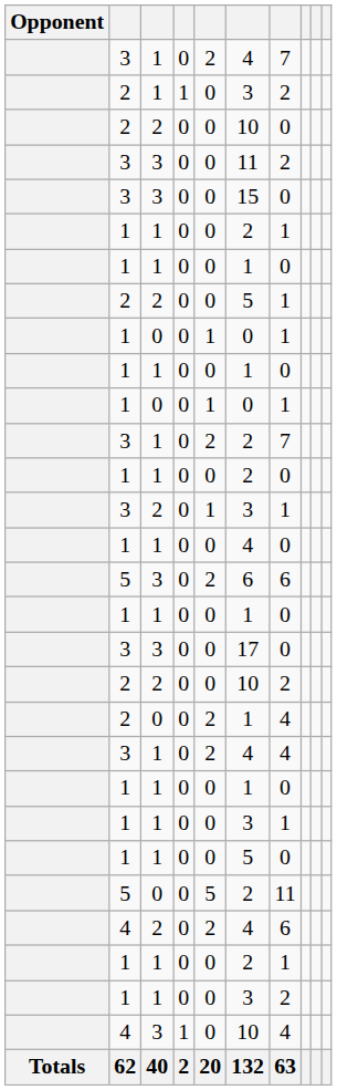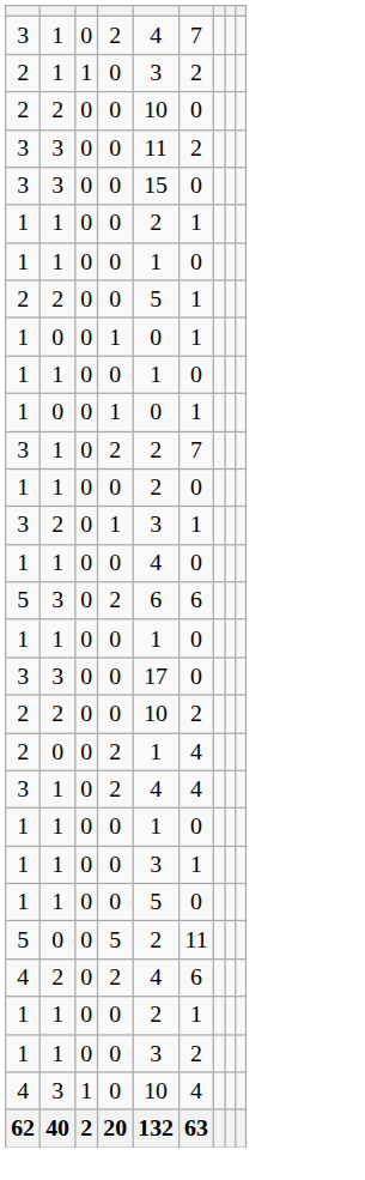 <table class="wikitable plainrowheaders sortable" style="text-align:center">
 <tr>
-<th scope=col>Opponent</th>
 <th scope=col></th>
 <th scope=col></th>
 <th scope=col></th>
 <th scope=col></th>
 <th scope=col></th>
 <th scope=col></th>
 <th scope=col></th>
 <th scope=col></th>
 <th scope=col></th>
 </tr>
 <tr>
-<th scope=row style="text-align:left;"></th>
 <td>3</td>
 <td>1</td>
 <td>0</td>
 <td>2</td>
 <td>4</td>
 <td>7</td>
 <td></td>
 <td></td>
 <td></td>
 </tr>
 <tr>
-<th scope=row style="text-align:left;"></th>
 <td>2</td>
 <td>1</td>
 <td>1</td>
 <td>0</td>
 <td>3</td>
 <td>2</td>
 <td></td>
 <td></td>
 <td></td>
 </tr>
 <tr>
-<th scope=row style="text-align:left;"></th>
 <td>2</td>
 <td>2</td>
 <td>0</td>
 <td>0</td>
 <td>10</td>
 <td>0</td>
 <td></td>
 <td></td>
 <td></td>
 </tr>
 <tr>
-<th scope=row style="text-align:left;"></th>
 <td>3</td>
 <td>3</td>
 <td>0</td>
 <td>0</td>
 <td>11</td>
 <td>2</td>
 <td></td>
 <td></td>
 <td></td>
 </tr>
 <tr>
-<th scope=row style="text-align:left;"></th>
 <td>3</td>
 <td>3</td>
 <td>0</td>
 <td>0</td>
 <td>15</td>
 <td>0</td>
 <td></td>
 <td></td>
 <td></td>
 </tr>
 <tr>
-<th scope=row style="text-align:left;"></th>
 <td>1</td>
 <td>1</td>
 <td>0</td>
 <td>0</td>
 <td>2</td>
 <td>1</td>
 <td></td>
 <td></td>
 <td></td>
 </tr>
 <tr>
-<th scope=row style="text-align:left;"></th>
 <td>1</td>
 <td>1</td>
 <td>0</td>
 <td>0</td>
 <td>1</td>
 <td>0</td>
 <td></td>
 <td></td>
 <td></td>
 </tr>
 <tr>
-<th scope=row style="text-align:left;"></th>
 <td>2</td>
 <td>2</td>
 <td>0</td>
 <td>0</td>
 <td>5</td>
 <td>1</td>
 <td></td>
 <td></td>
 <td></td>
 </tr>
 <tr>
-<th scope=row style="text-align:left;"></th>
 <td>1</td>
 <td>0</td>
 <td>0</td>
 <td>1</td>
 <td>0</td>
 <td>1</td>
 <td></td>
 <td></td>
 <td></td>
 </tr>
 <tr>
-<th scope=row style="text-align:left;"></th>
 <td>1</td>
 <td>1</td>
 <td>0</td>
 <td>0</td>
 <td>1</td>
 <td>0</td>
 <td></td>
 <td></td>
 <td></td>
 </tr>
 <tr>
-<th scope=row style="text-align:left;"></th>
 <td>1</td>
 <td>0</td>
 <td>0</td>
 <td>1</td>
 <td>0</td>
 <td>1</td>
 <td></td>
 <td></td>
 <td></td>
 </tr>
 <tr>
-<th scope=row style="text-align:left;"></th>
 <td>3</td>
 <td>1</td>
 <td>0</td>
 <td>2</td>
 <td>2</td>
 <td>7</td>
 <td></td>
 <td></td>
 <td></td>
 </tr>
 <tr>
-<th scope=row style="text-align:left;"></th>
 <td>1</td>
 <td>1</td>
 <td>0</td>
 <td>0</td>
 <td>2</td>
 <td>0</td>
 <td></td>
 <td></td>
 <td></td>
 </tr>
 <tr>
-<th scope=row style="text-align:left;"></th>
 <td>3</td>
 <td>2</td>
 <td>0</td>
 <td>1</td>
 <td>3</td>
 <td>1</td>
 <td></td>
 <td></td>
 <td></td>
 </tr>
 <tr>
-<th scope=row style="text-align:left;"></th>
 <td>1</td>
 <td>1</td>
 <td>0</td>
 <td>0</td>
 <td>4</td>
 <td>0</td>
 <td></td>
 <td></td>
 <td></td>
 </tr>
 <tr>
-<th scope=row style="text-align:left;"></th>
 <td>5</td>
 <td>3</td>
 <td>0</td>
 <td>2</td>
 <td>6</td>
 <td>6</td>
 <td></td>
 <td></td>
 <td></td>
 </tr>
 <tr>
-<th scope=row style="text-align:left;"></th>
 <td>1</td>
 <td>1</td>
 <td>0</td>
 <td>0</td>
 <td>1</td>
 <td>0</td>
 <td></td>
 <td></td>
 <td></td>
 </tr>
 <tr>
-<th scope=row style="text-align:left;"></th>
 <td>3</td>
 <td>3</td>
 <td>0</td>
 <td>0</td>
 <td>17</td>
 <td>0</td>
 <td></td>
 <td></td>
 <td></td>
 </tr>
 <tr>
-<th scope=row style="text-align:left;"></th>
 <td>2</td>
 <td>2</td>
 <td>0</td>
 <td>0</td>
 <td>10</td>
 <td>2</td>
 <td></td>
 <td></td>
 <td></td>
 </tr>
 <tr>
-<th scope=row style="text-align:left;"></th>
 <td>2</td>
 <td>0</td>
 <td>0</td>
 <td>2</td>
 <td>1</td>
 <td>4</td>
 <td></td>
 <td></td>
 <td></td>
 </tr>
 <tr>
-<th scope=row style="text-align:left;"></th>
 <td>3</td>
 <td>1</td>
 <td>0</td>
 <td>2</td>
 <td>4</td>
 <td>4</td>
 <td></td>
 <td></td>
 <td></td>
 </tr>
 <tr>
-<th scope=row style="text-align:left;"></th>
 <td>1</td>
 <td>1</td>
 <td>0</td>
 <td>0</td>
 <td>1</td>
 <td>0</td>
 <td></td>
 <td></td>
 <td></td>
 </tr>
 <tr>
-<th scope=row style="text-align:left;"></th>
 <td>1</td>
 <td>1</td>
 <td>0</td>
 <td>0</td>
 <td>3</td>
 <td>1</td>
 <td></td>
 <td></td>
 <td></td>
 </tr>
 <tr>
-<th scope=row style="text-align:left;"></th>
 <td>1</td>
 <td>1</td>
 <td>0</td>
 <td>0</td>
 <td>5</td>
 <td>0</td>
 <td></td>
 <td></td>
 <td></td>
 </tr>
 <tr>
-<th scope=row style="text-align:left;"></th>
 <td>5</td>
 <td>0</td>
 <td>0</td>
 <td>5</td>
 <td>2</td>
 <td>11</td>
 <td></td>
 <td></td>
 <td></td>
 </tr>
 <tr>
-<th scope=row style="text-align:left;"></th>
 <td>4</td>
 <td>2</td>
 <td>0</td>
 <td>2</td>
 <td>4</td>
 <td>6</td>
 <td></td>
 <td></td>
 <td></td>
 </tr>
 <tr>
-<th scope=row style="text-align:left;"></th>
 <td>1</td>
 <td>1</td>
 <td>0</td>
 <td>0</td>
 <td>2</td>
 <td>1</td>
 <td></td>
 <td></td>
 <td></td>
 </tr>
 <tr>
-<th scope=row style="text-align:left;"></th>
 <td>1</td>
 <td>1</td>
 <td>0</td>
 <td>0</td>
 <td>3</td>
 <td>2</td>
 <td></td>
 <td></td>
 <td></td>
 </tr>
 <tr>
-<th scope=row style="text-align:left;"></th>
 <td>4</td>
 <td>3</td>
 <td>1</td>
 <td>0</td>
 <td>10</td>
 <td>4</td>
 <td></td>
 <td></td>
 <td></td>
 </tr>
 <tr class="sortbottom">
-<th>Totals</th>
 <th>62</th>
 <th>40</th>
 <th>2</th>
 <th>20</th>
 <th>132</th>
 <th>63</th>
 <th></th>
 <th></th>
 <th></th>
 </tr>
 </table>
